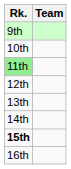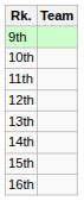 <table class="wikitable">
 <tr>
 <th>Rk.</th>
 <th>Team</th>
 </tr>
 <tr style="background:#ccffcc;">
 <td>9th</td>
 <td></td>
 </tr>
 <tr>
 <td>10th</td>
 <td></td>
 </tr>
 <tr>
-<td style="background: lightgreen;">11th</td>
+<td>11th</td>
 <td></td>
 </tr>
 <tr>
 <td>12th</td>
 <td></td>
 </tr>
 <tr>
 <td>13th</td>
 <td></td>
 </tr>
 <tr>
 <td>14th</td>
 <td></td>
 </tr>
 <tr>
-<td><strong>15th</strong></td>
+<td>15th</td>
 <td></td>
 </tr>
 <tr>
 <td>16th</td>
 <td></td>
 </tr>
 </table>
